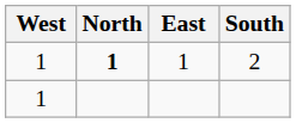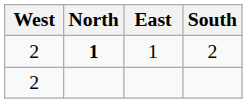 <table class='wikitable'>
 <tr>
 <th width="25%"><strong>West </strong></th>
 <th width="25%"><strong>North </strong></th>
 <th width="25%"><strong>East </strong></th>
 <th width="25%"><strong>South</strong></th>
 </tr>
 <tr align=center>
-<td>1</td>
+<td>2</td>
 <td><strong>1 </strong></td>
 <td>1 </td>
 <td>2 </td>
 </tr>
 <tr align=center>
-<td>1 </td>
+<td>2 </td>
 <td></td>
 <td></td>
 <td></td>
 </tr>
 </table>
